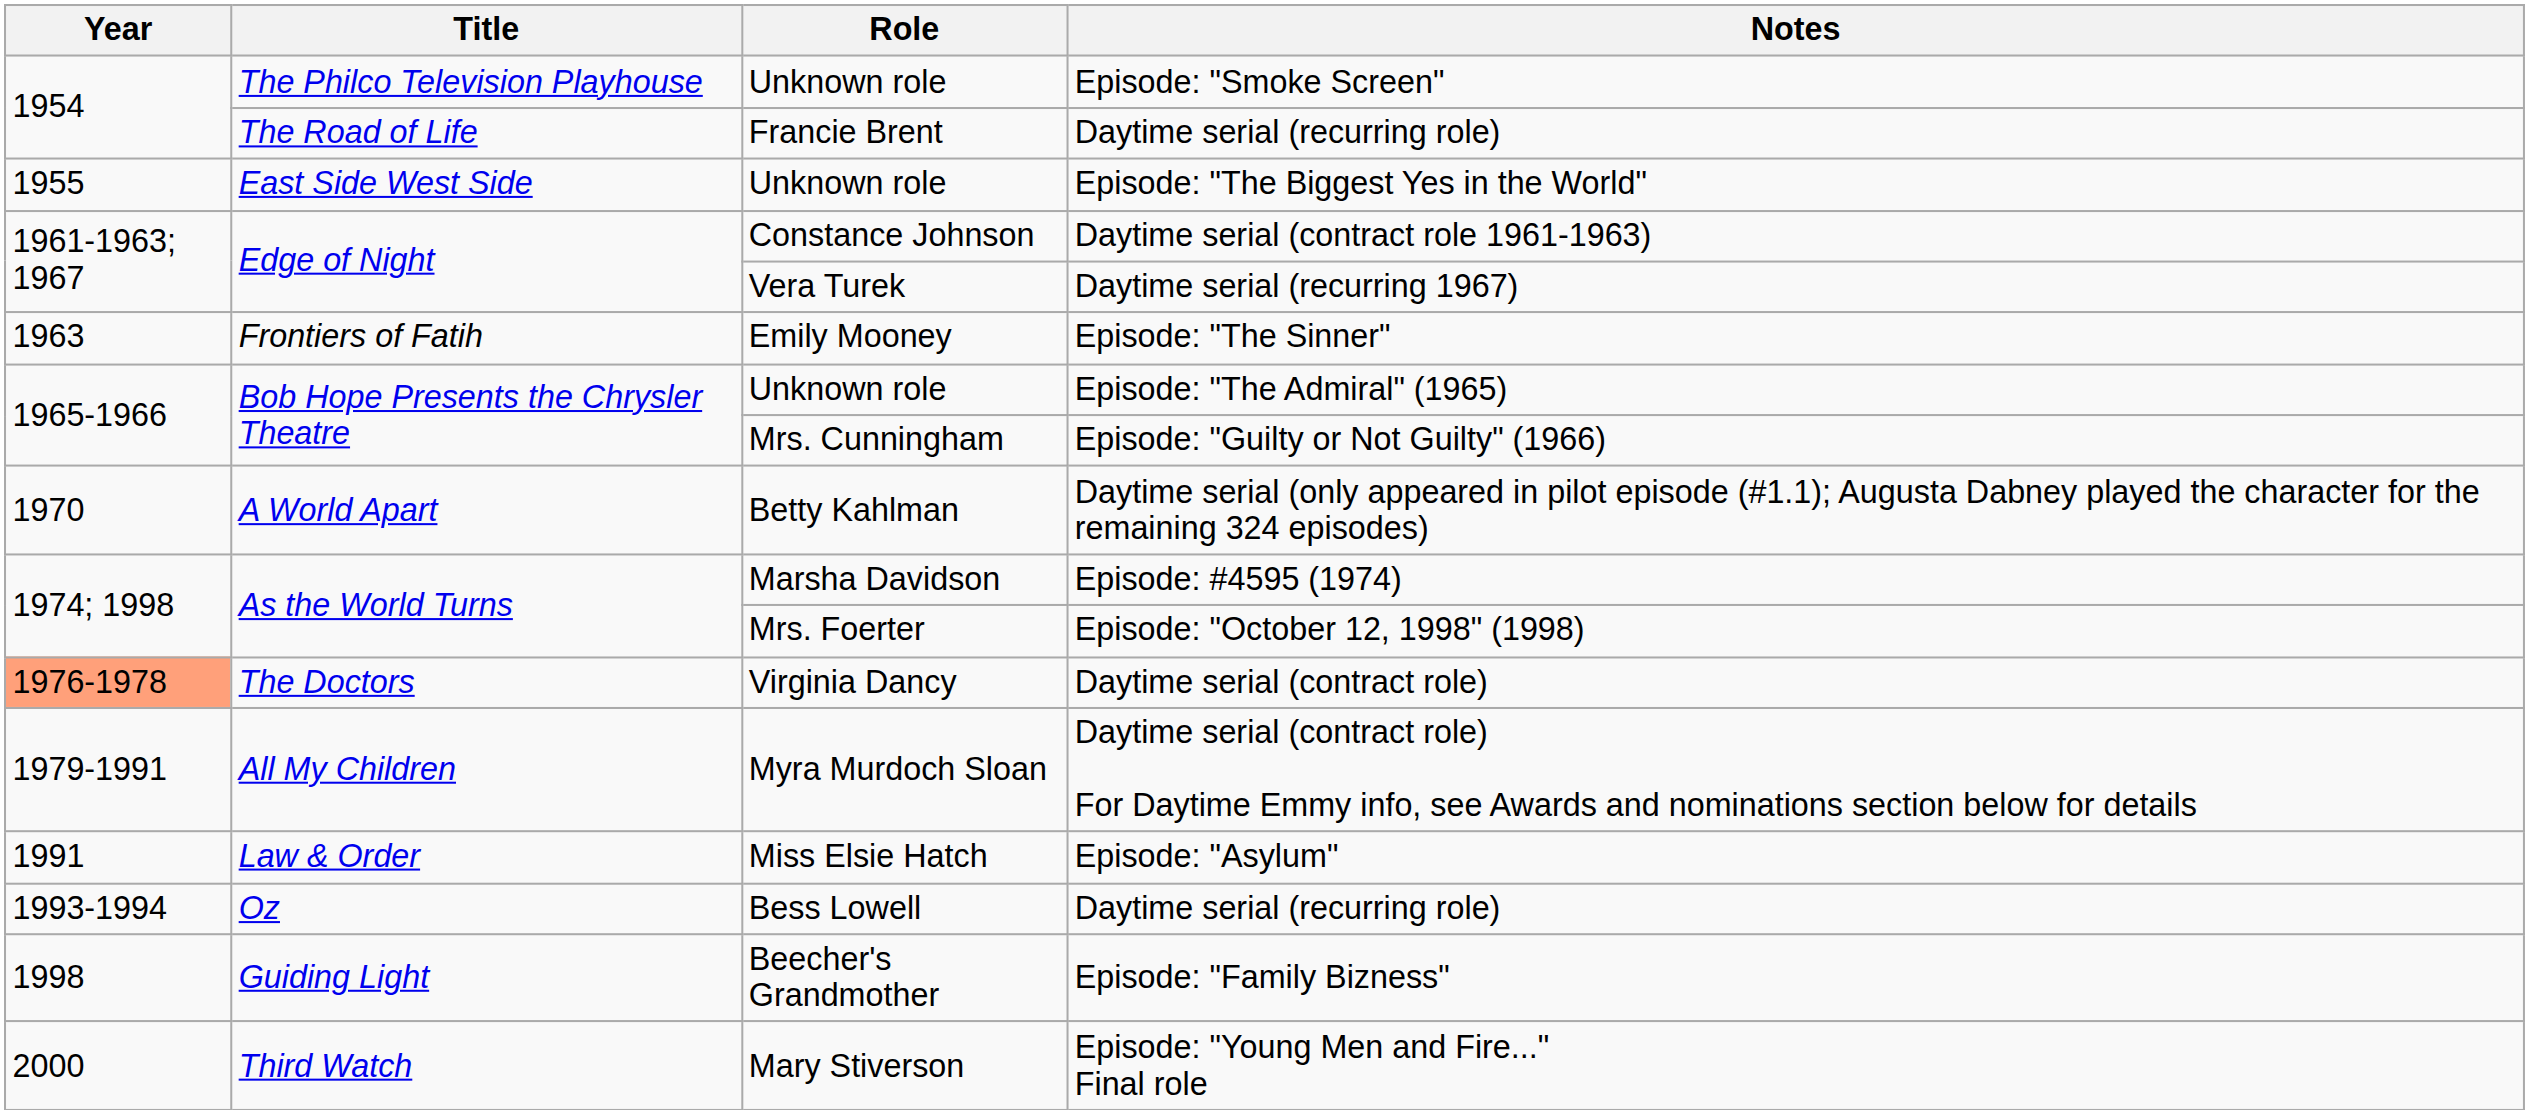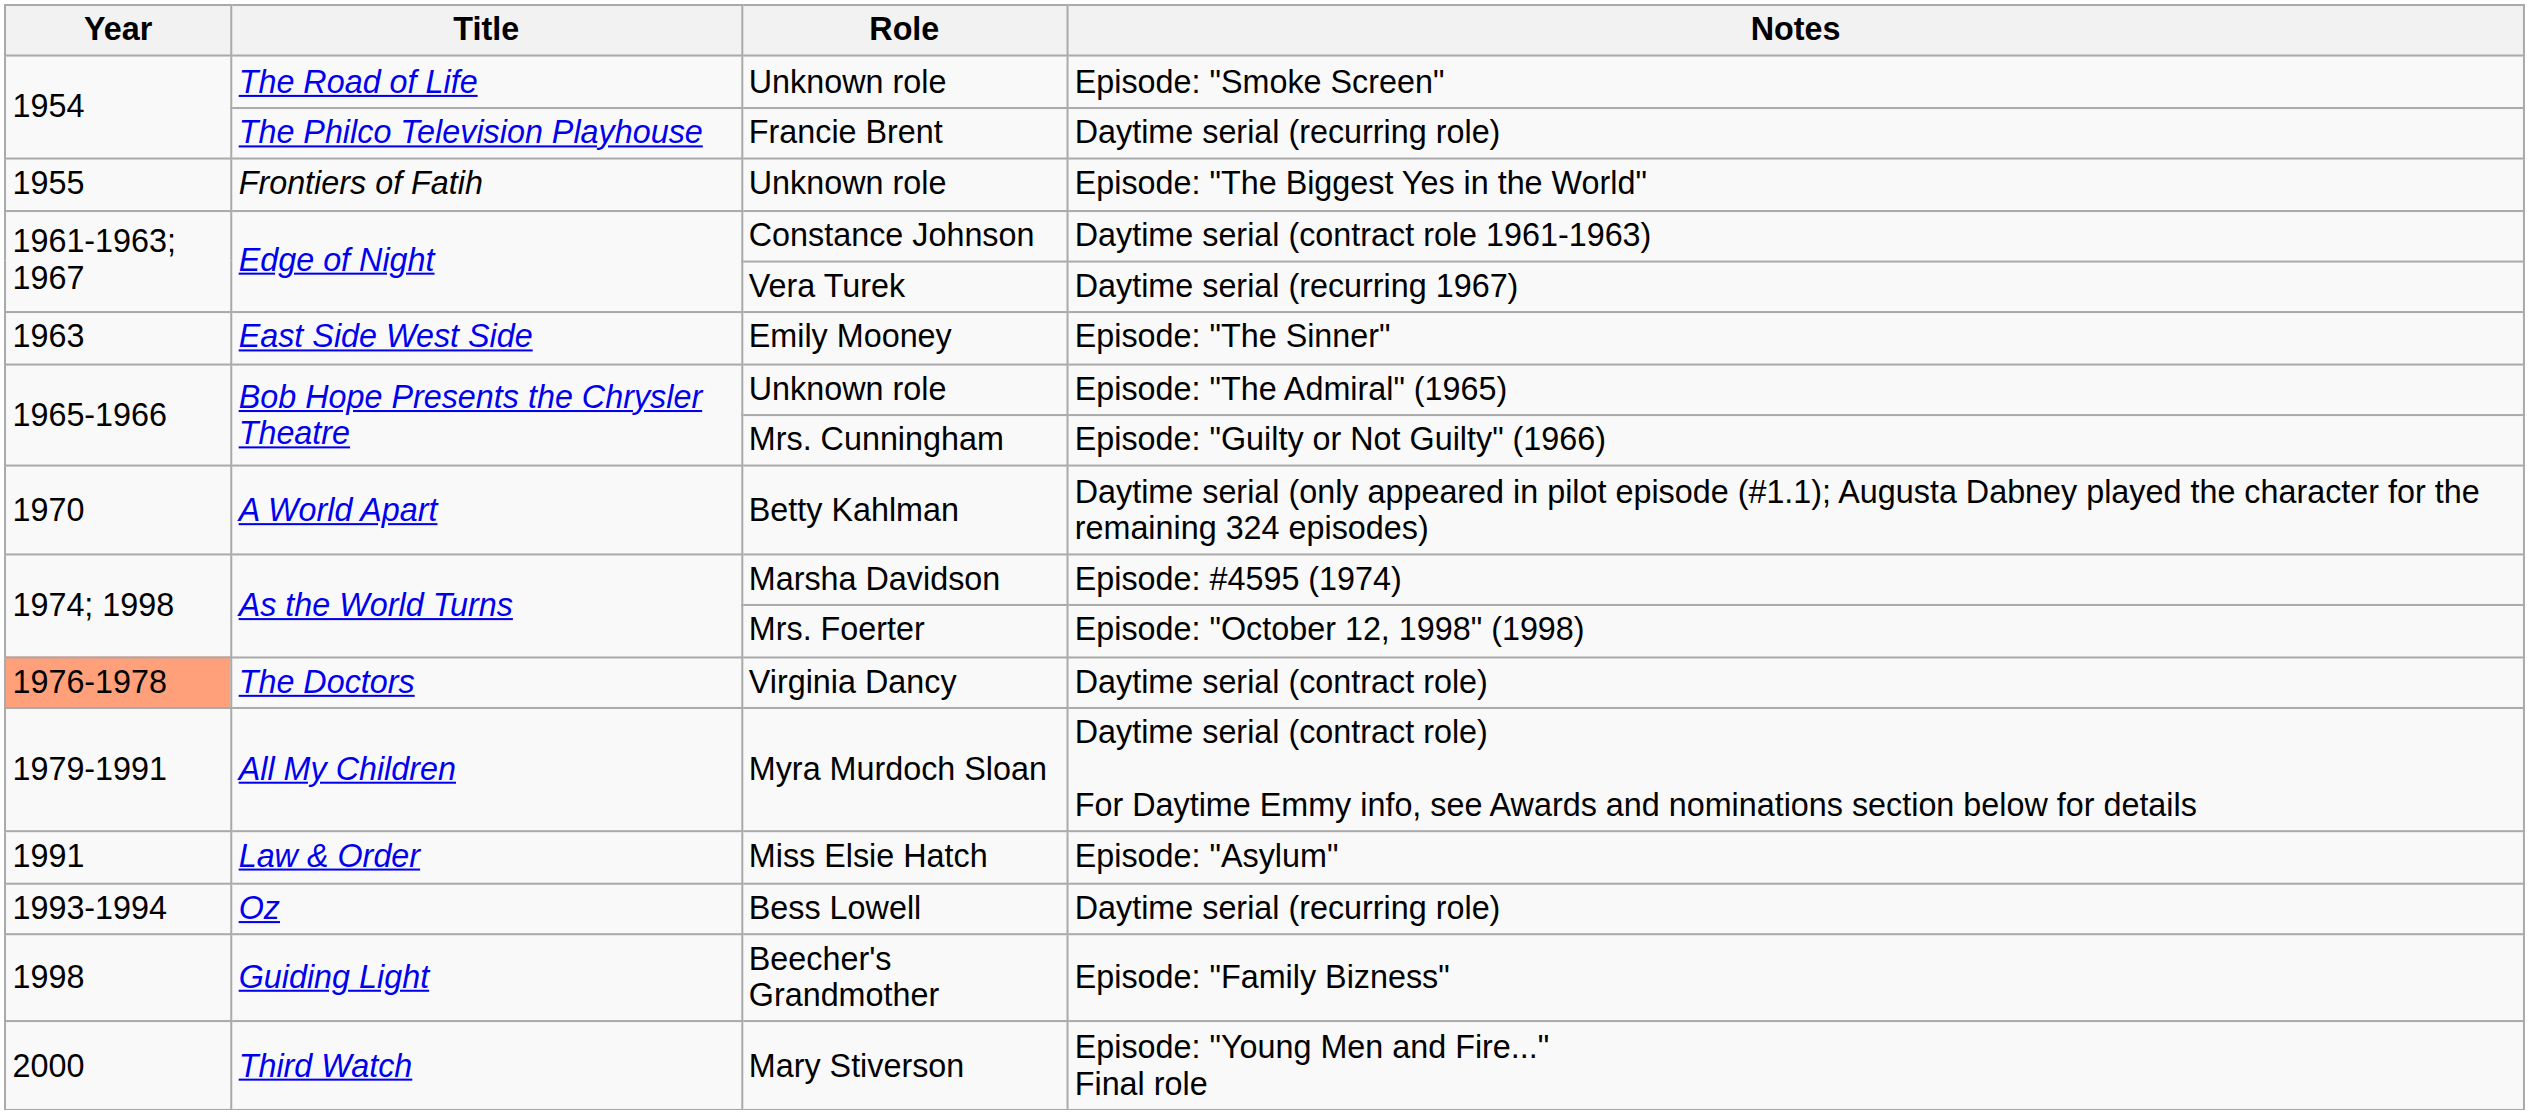 <table class="wikitable">
 <tr>
 <th>Year</th>
 <th>Title</th>
 <th>Role</th>
 <th>Notes</th>
 </tr>
 <tr>
 <td rowspan=2>1954</td>
-<td><em><a href='#'>The Philco Television Playhouse</a></em></td>
+<td><em><a href='#'>The Road of Life</a></em></td>
 <td>Unknown role</td>
 <td>Episode: "Smoke Screen"</td>
 </tr>
 <tr>
-<td><em><a href='#'>The Road of Life</a></em></td>
+<td><em><a href='#'>The Philco Television Playhouse</a></em></td>
 <td>Francie Brent</td>
 <td>Daytime serial (recurring role)</td>
 </tr>
 <tr>
 <td>1955</td>
-<td><em><a href='#'>East Side West Side</a></em></td>
+<td><em>Frontiers of Fatih</em></td>
 <td>Unknown role</td>
 <td>Episode: "The Biggest Yes in the World"</td>
 </tr>
 <tr>
 <td rowspan=2>1961-1963; 1967</td>
 <td rowspan=2><em><a href='#'>Edge of Night</a></em></td>
 <td>Constance Johnson</td>
 <td>Daytime serial (contract role 1961-1963)</td>
 </tr>
 <tr>
 <td>Vera Turek</td>
 <td>Daytime serial (recurring 1967)</td>
 </tr>
 <tr>
 <td>1963</td>
-<td><em>Frontiers of Fatih</em></td>
+<td><em><a href='#'>East Side West Side</a></em></td>
 <td>Emily Mooney</td>
 <td>Episode: "The Sinner"</td>
 </tr>
 <tr>
 <td rowspan=2>1965-1966</td>
 <td rowspan=2><em><a href='#'>Bob Hope Presents the Chrysler Theatre</a></em></td>
 <td>Unknown role</td>
 <td>Episode: "The Admiral" (1965)</td>
 </tr>
 <tr>
 <td>Mrs. Cunningham</td>
 <td>Episode: "Guilty or Not Guilty" (1966)</td>
 </tr>
 <tr>
 <td>1970</td>
 <td><em><a href='#'>A World Apart</a></em></td>
 <td>Betty Kahlman</td>
 <td>Daytime serial (only appeared in pilot episode (#1.1); Augusta Dabney played the character for the remaining 324 episodes)</td>
 </tr>
 <tr>
 <td rowspan=2>1974; 1998</td>
 <td rowspan=2><em><a href='#'>As the World Turns</a></em></td>
 <td>Marsha Davidson</td>
 <td>Episode: #4595 (1974)</td>
 </tr>
 <tr>
 <td>Mrs. Foerter</td>
 <td>Episode: "October 12, 1998" (1998)</td>
 </tr>
 <tr>
 <td style="background: lightsalmon;">1976-1978</td>
 <td><em><a href='#'>The Doctors</a></em></td>
 <td>Virginia Dancy</td>
 <td>Daytime serial (contract role)</td>
 </tr>
 <tr>
 <td>1979-1991</td>
 <td><em><a href='#'>All My Children</a></em></td>
 <td>Myra Murdoch Sloan</td>
 <td>Daytime serial (contract role)<br><br>For Daytime Emmy info, see Awards and nominations section below for details</td>
 </tr>
 <tr>
 <td>1991</td>
 <td><em><a href='#'>Law & Order</a></em></td>
 <td>Miss Elsie Hatch</td>
 <td>Episode: "Asylum"</td>
 </tr>
 <tr>
 <td>1993-1994</td>
 <td><em><a href='#'>Oz</a></em></td>
 <td>Bess Lowell</td>
 <td>Daytime serial (recurring role)</td>
 </tr>
 <tr>
 <td>1998</td>
 <td><em><a href='#'>Guiding Light</a></em></td>
 <td>Beecher's Grandmother</td>
 <td>Episode: "Family Bizness"</td>
 </tr>
 <tr>
 <td>2000</td>
 <td><em><a href='#'>Third Watch</a></em></td>
 <td>Mary Stiverson</td>
 <td>Episode: "Young Men and Fire..."<br>Final role</td>
 </tr>
 </table>
